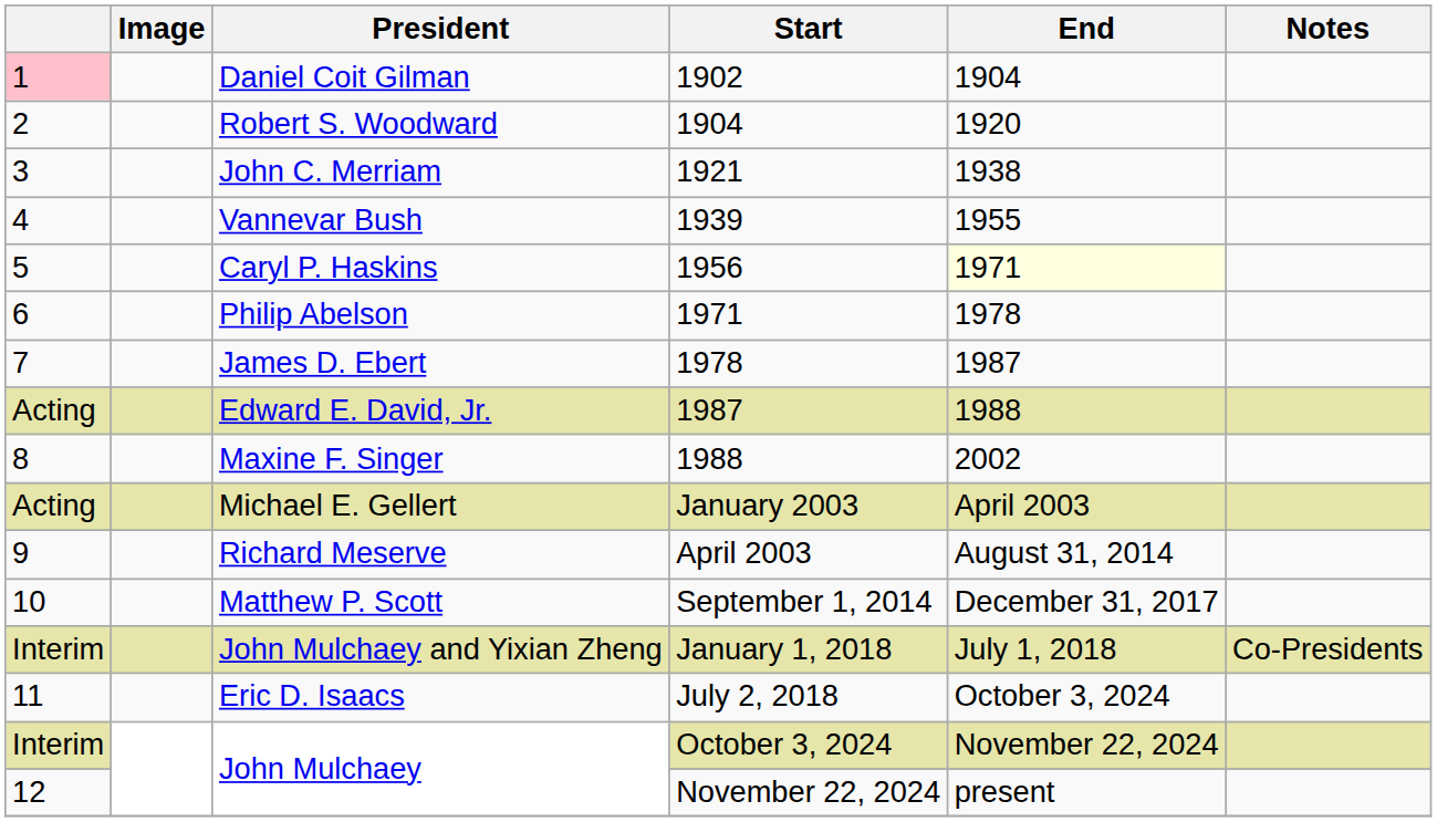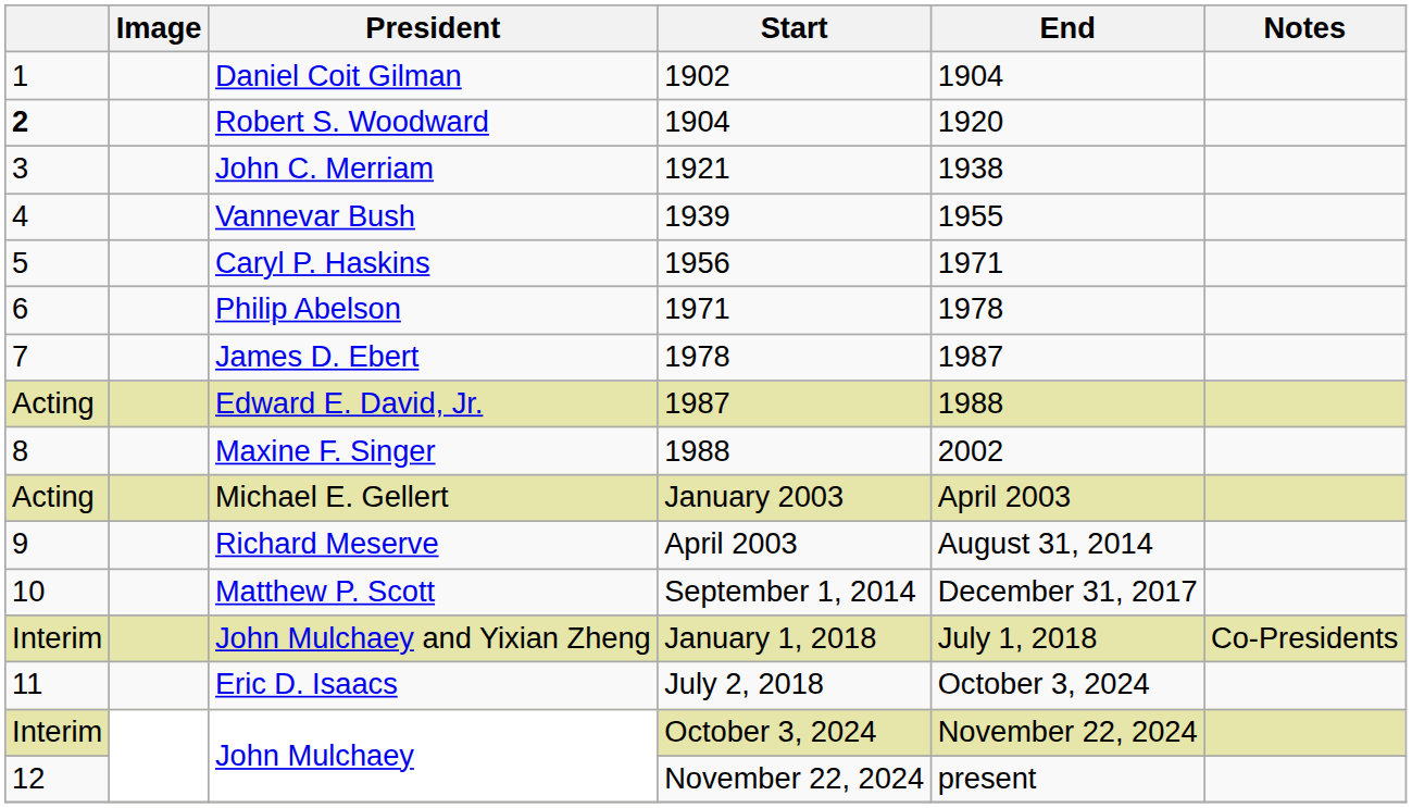 <table class="wikitable">
 <tr>
 <th></th>
 <th>Image</th>
 <th>President</th>
 <th>Start</th>
 <th>End</th>
 <th>Notes</th>
 </tr>
 <tr>
-<td style="background: pink;">1</td>
+<td>1</td>
 <td></td>
 <td><a href='#'>Daniel Coit Gilman</a></td>
 <td>1902</td>
 <td>1904</td>
 <td></td>
 </tr>
 <tr>
-<td>2</td>
+<td><strong>2</strong></td>
 <td></td>
 <td><a href='#'>Robert S. Woodward</a></td>
 <td>1904</td>
 <td>1920</td>
 <td></td>
 </tr>
 <tr>
 <td>3</td>
 <td></td>
 <td><a href='#'>John C. Merriam</a></td>
 <td>1921</td>
 <td>1938</td>
 <td></td>
 </tr>
 <tr>
 <td>4</td>
 <td></td>
 <td><a href='#'>Vannevar Bush</a></td>
 <td>1939</td>
 <td>1955</td>
 <td></td>
 </tr>
 <tr>
 <td>5</td>
 <td></td>
 <td><a href='#'>Caryl P. Haskins</a></td>
 <td>1956</td>
-<td style="background: lightyellow;">1971</td>
+<td>1971</td>
 <td></td>
 </tr>
 <tr>
 <td>6</td>
 <td></td>
 <td><a href='#'>Philip Abelson</a></td>
 <td>1971</td>
 <td>1978</td>
 <td></td>
 </tr>
 <tr>
 <td>7</td>
 <td></td>
 <td><a href='#'>James D. Ebert</a></td>
 <td>1978</td>
 <td>1987</td>
 <td></td>
 </tr>
 <tr bgcolor="#e6e6aa">
 <td>Acting</td>
 <td></td>
 <td><a href='#'>Edward E. David, Jr.</a></td>
 <td>1987</td>
 <td>1988</td>
 <td></td>
 </tr>
 <tr>
 <td>8</td>
 <td></td>
 <td><a href='#'>Maxine F. Singer</a></td>
 <td>1988</td>
 <td>2002</td>
 <td></td>
 </tr>
 <tr bgcolor="#e6e6aa">
 <td>Acting</td>
 <td></td>
 <td>Michael E. Gellert</td>
 <td>January 2003</td>
 <td>April 2003</td>
 <td></td>
 </tr>
 <tr>
 <td>9</td>
 <td></td>
 <td><a href='#'>Richard Meserve</a></td>
 <td>April 2003</td>
 <td>August 31, 2014</td>
 <td></td>
 </tr>
 <tr>
 <td>10</td>
 <td></td>
 <td><a href='#'>Matthew P. Scott</a></td>
 <td>September 1, 2014</td>
 <td>December 31, 2017</td>
 <td></td>
 </tr>
 <tr bgcolor="#e6e6aa">
 <td>Interim</td>
 <td></td>
 <td><a href='#'>John Mulchaey</a> and Yixian Zheng</td>
 <td>January 1, 2018</td>
 <td>July 1, 2018</td>
 <td>Co-Presidents</td>
 </tr>
 <tr>
 <td>11</td>
 <td></td>
 <td><a href='#'>Eric D. Isaacs</a></td>
 <td>July 2, 2018</td>
 <td>October 3, 2024</td>
 <td></td>
 </tr>
 <tr bgcolor="#e6e6aa">
 <td>Interim</td>
 <td rowspan="2" bgcolor="#ffffff"></td>
 <td rowspan="2" bgcolor="#ffffff"><a href='#'>John Mulchaey</a></td>
 <td>October 3, 2024</td>
 <td nowrap>November 22, 2024</td>
 <td></td>
 </tr>
 <tr>
 <td>12</td>
 <td nowrap>November 22, 2024</td>
 <td>present</td>
 <td></td>
 </tr>
 <tr>
 </tr>
 </table>
